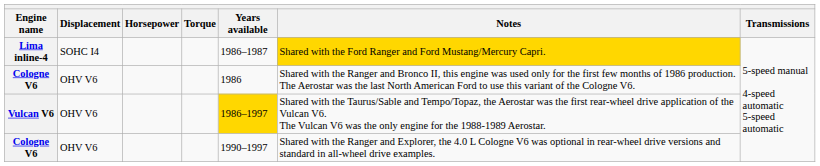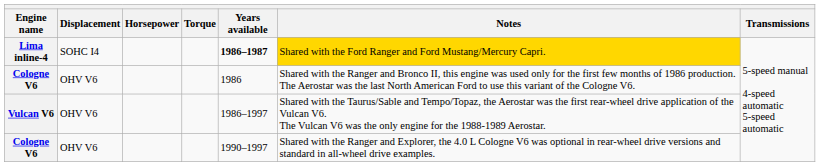 <table class="wikitable collapsible">
 <tr>
 <th colspan="7"></th>
 </tr>
 <tr>
 <th>Engine name</th>
 <th>Displacement</th>
 <th>Horsepower</th>
 <th>Torque</th>
 <th>Years available</th>
 <th>Notes</th>
 <th>Transmissions</th>
 </tr>
 <tr>
 <th colwidth="2"><a href='#'>Lima</a> inline-4</th>
 <td> SOHC I4</td>
 <td></td>
 <td></td>
-<td>1986–1987</td>
+<td><strong>1986–1987</strong></td>
 <td style="background: gold;">Shared with the Ford Ranger and Ford Mustang/Mercury Capri.</td>
 <td rowspan="4">5-speed manual<br><br>4-speed automatic <br>5-speed automatic </td>
 </tr>
 <tr>
 <th colwidth="2"><a href='#'>Cologne</a> V6</th>
 <td> OHV V6</td>
 <td></td>
 <td></td>
 <td>1986</td>
 <td>Shared with the Ranger and Bronco II, this engine was used only for the first few months of 1986 production. The Aerostar was the last North American Ford to use this variant of the Cologne V6.</td>
 </tr>
 <tr>
 <th colwidth="2"><a href='#'>Vulcan</a> V6</th>
 <td> OHV V6</td>
 <td></td>
 <td></td>
-<td style="background: gold;">1986–1997</td>
+<td>1986–1997</td>
 <td>Shared with the Taurus/Sable and Tempo/Topaz, the Aerostar was the first rear-wheel drive application of the Vulcan V6.<br>The Vulcan V6 was the only engine for the 1988-1989 Aerostar.</td>
 </tr>
 <tr>
 <th colwidth="2"><a href='#'>Cologne</a> V6</th>
 <td> OHV V6</td>
 <td></td>
 <td></td>
 <td>1990–1997</td>
 <td>Shared with the Ranger and Explorer, the 4.0 L Cologne V6 was optional in rear-wheel drive versions and standard in all-wheel drive examples.</td>
 </tr>
 </table>
